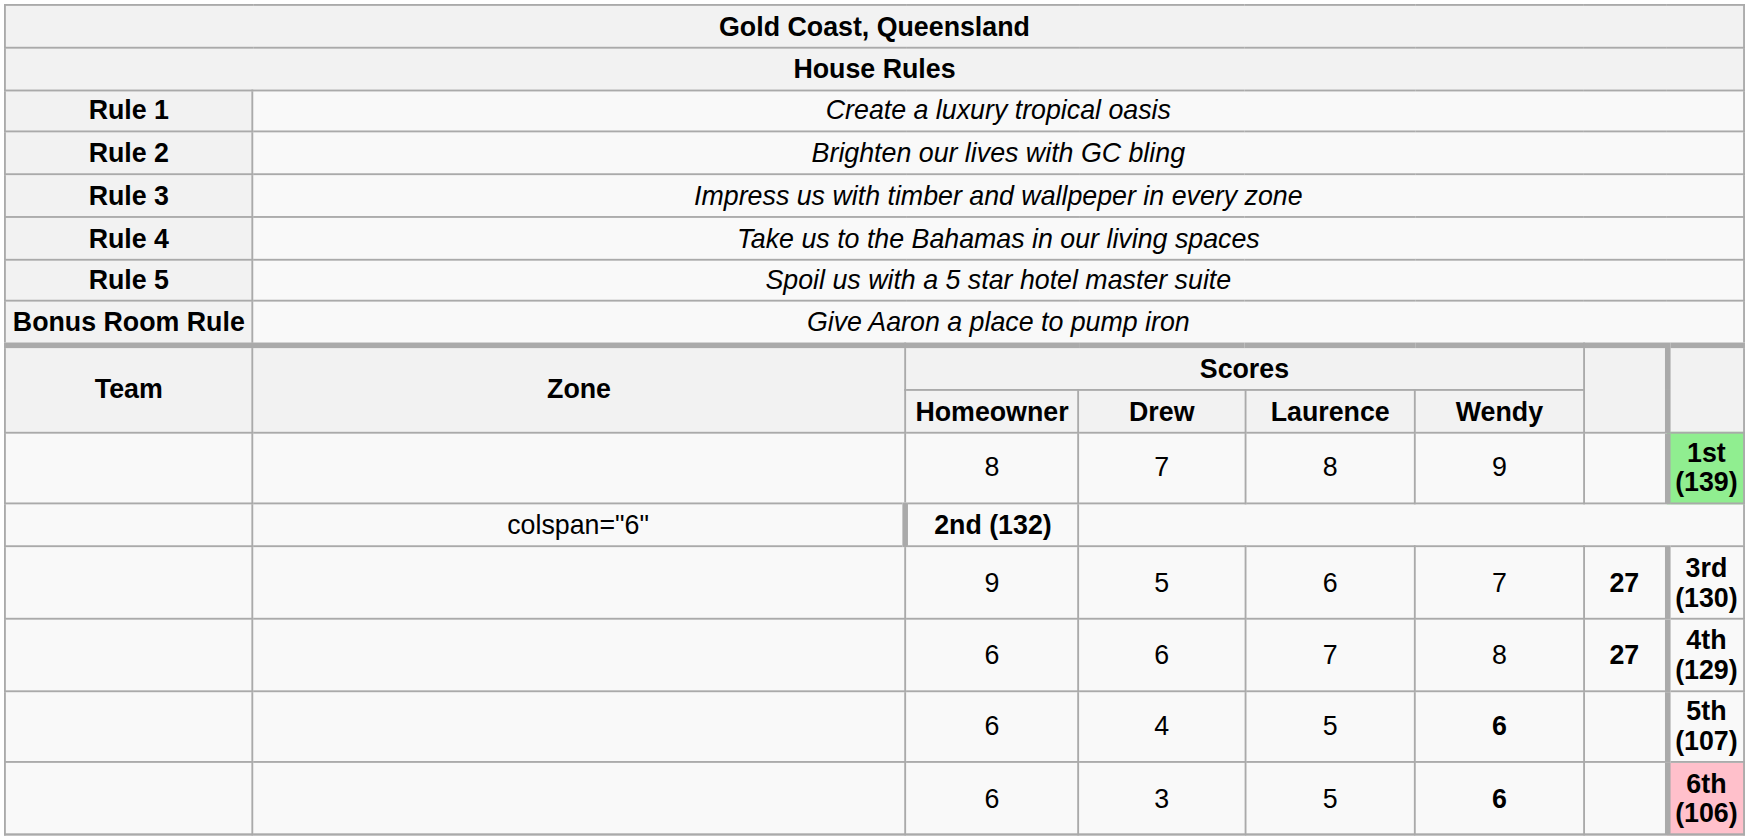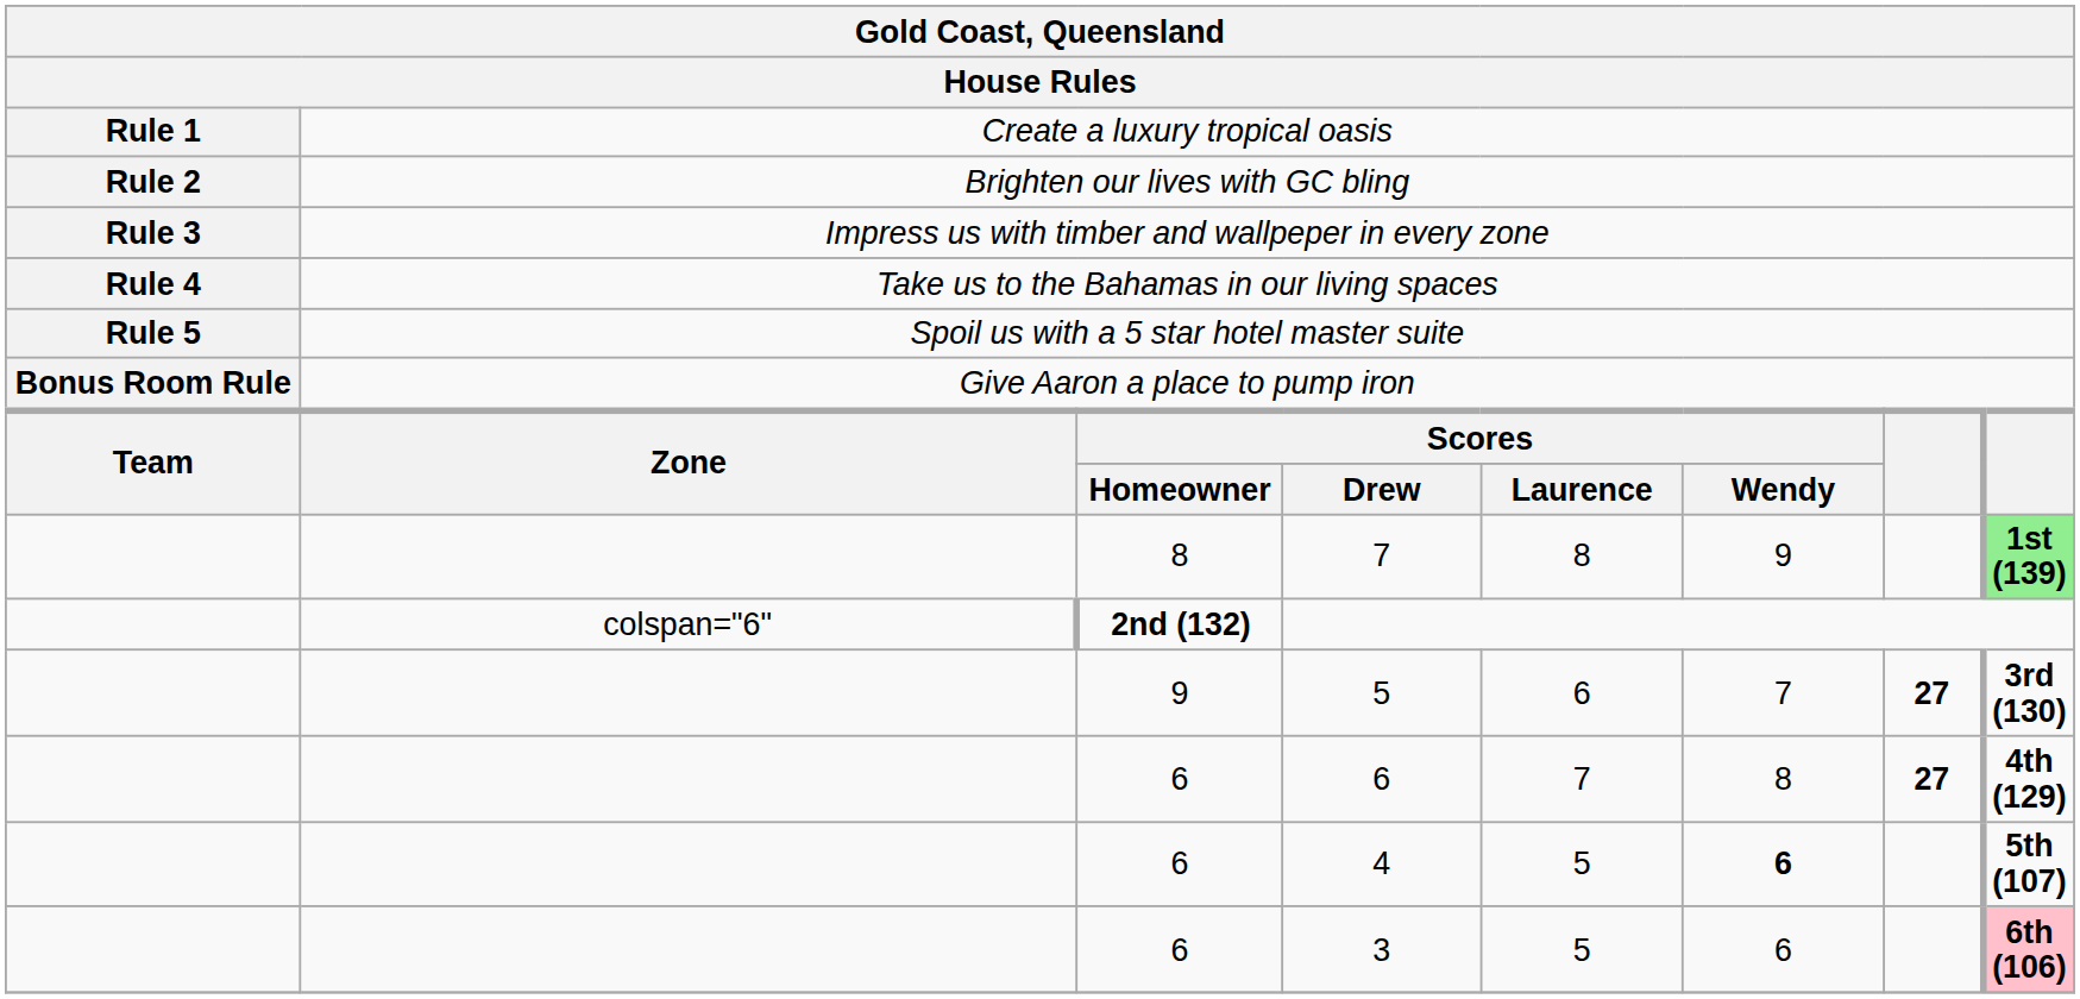 <table class="wikitable plainrowheaders" style="text-align:center; font-size:90%; width:65em;">
 <tr>
 <th colspan="8" >Gold Coast, Queensland</th>
 </tr>
 <tr>
 <th colspan="8">House Rules</th>
 </tr>
 <tr>
 <th>Rule 1</th>
 <td colspan="7"><em>Create a luxury tropical oasis</em></td>
 </tr>
 <tr>
 <th>Rule 2</th>
 <td colspan="7"><em>Brighten our lives with GC bling</em></td>
 </tr>
 <tr>
 <th>Rule 3</th>
 <td colspan="7"><em>Impress us with timber and wallpeper in every zone</em></td>
 </tr>
 <tr>
 <th>Rule 4</th>
 <td colspan="7"><em>Take us to the Bahamas in our living spaces</em></td>
 </tr>
 <tr>
 <th>Rule 5</th>
 <td colspan="7"><em>Spoil us with a 5 star hotel master suite</em></td>
 </tr>
 <tr>
 <th>Bonus Room Rule</th>
 <td colspan="7"><em>Give Aaron a place to pump iron</em></td>
 </tr>
 <tr style="border-top:3px solid #aaa;">
 <th rowspan="2">Team</th>
 <th rowspan="2" style="width:40%;">Zone</th>
 <th colspan="4" style="width:40%;">Scores</th>
 <th rowspan="2" style="width:10%;"></th>
 <th rowspan="2" style="width:10%; border-left:3px solid #aaa;"></th>
 </tr>
 <tr>
 <th style="width:10%;">Homeowner</th>
 <th style="width:10%;">Drew</th>
 <th style="width:10%;">Laurence</th>
 <th style="width:10%;">Wendy</th>
 </tr>
 <tr>
 <td style="width:15%;"></td>
 <td></td>
 <td>8</td>
 <td>7</td>
 <td>8</td>
 <td>9</td>
 <td></td>
 <td style="border-left:3px solid #aaa;" bgcolor="lightgreen"><strong>1st (139)</strong></td>
 </tr>
 <tr>
 <td style="width:15%;"></td>
 <td>colspan="6" </td>
 <td style="border-left:3px solid #aaa;"><strong>2nd (132)</strong></td>
 </tr>
 <tr>
 <td style="width:15%;"></td>
 <td></td>
 <td>9</td>
 <td>5</td>
 <td>6</td>
 <td>7</td>
 <td><strong>27</strong></td>
 <td style="border-left:3px solid #aaa;"><strong>3rd (130)</strong></td>
 </tr>
 <tr>
 <td style="width:15%;"></td>
 <td></td>
 <td>6</td>
 <td>6</td>
 <td>7</td>
 <td>8</td>
 <td><strong>27</strong></td>
 <td style="border-left:3px solid #aaa;"><strong>4th (129)</strong></td>
 </tr>
 <tr>
 <td style="width:15%;"></td>
 <td></td>
 <td>6</td>
 <td>4</td>
 <td>5</td>
 <td><strong>6</strong></td>
 <td></td>
 <td style="border-left:3px solid #aaa;"><strong>5th (107)</strong></td>
 </tr>
 <tr>
 <td style="width:15%;"></td>
 <td></td>
 <td>6</td>
 <td>3</td>
 <td>5</td>
-<td><strong>6</strong></td>
+<td>6</td>
 <td></td>
 <td style="border-left:3px solid #aaa;" bgcolor="pink"><strong>6th (106)</strong></td>
 </tr>
 <tr>
 </tr>
 </table>
